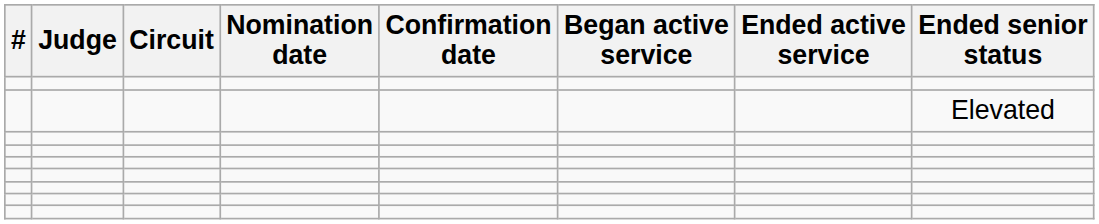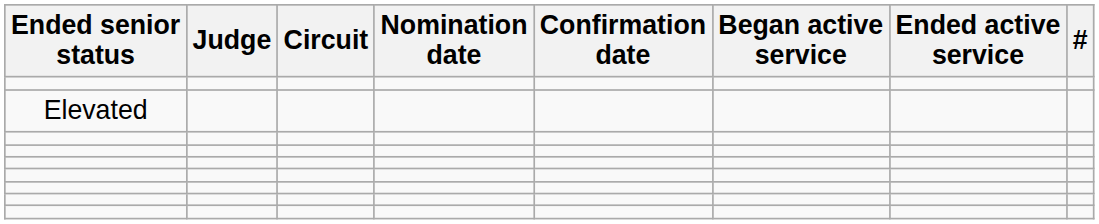 <table class="sortable wikitable">
 <tr bgcolor="#ececec">
-<th>#</th>
+<th>Ended senior<br>status</th>
 <th>Judge</th>
 <th>Circuit</th>
 <th>Nomination<br>date</th>
 <th>Confirmation<br>date</th>
 <th>Began active<br>service</th>
 <th>Ended active<br>service</th>
-<th>Ended senior<br>status</th>
+<th>#</th>
 </tr>
 <tr>
+<td align="center"></td>
 <td></td>
 <td></td>
 <td></td>
 <td></td>
 <td></td>
 <td></td>
 <td></td>
-<td align="center"></td>
 </tr>
 <tr>
+<td align="center">Elevated</td>
 <td></td>
 <td></td>
 <td></td>
 <td></td>
 <td></td>
 <td></td>
 <td></td>
-<td align="center">Elevated</td>
 </tr>
 <tr>
+<td align="center"></td>
 <td></td>
 <td></td>
 <td></td>
 <td></td>
 <td></td>
 <td></td>
 <td></td>
-<td align="center"></td>
 </tr>
 <tr>
+<td align="center"></td>
 <td></td>
 <td></td>
 <td></td>
 <td></td>
 <td></td>
 <td></td>
 <td></td>
-<td align="center"></td>
 </tr>
 <tr>
+<td align="center"></td>
 <td></td>
 <td></td>
 <td></td>
 <td></td>
 <td></td>
 <td></td>
 <td></td>
-<td align="center"></td>
 </tr>
 <tr>
+<td align="center"></td>
 <td></td>
 <td></td>
 <td></td>
 <td></td>
 <td></td>
 <td></td>
 <td></td>
-<td align="center"></td>
 </tr>
 <tr>
-<td></td>
-<td></td>
-<td></td>
-<td></td>
-<td></td>
-<td></td>
-<td></td>
 <td align="center"></td>
-</tr>
-<tr>
-<td></td>
 <td></td>
 <td></td>
 <td></td>
 <td></td>
 <td></td>
 <td></td>
 <td></td>
 </tr>
 <tr>
 <td></td>
 <td></td>
 <td></td>
 <td></td>
 <td></td>
 <td></td>
 <td></td>
+<td></td>
+</tr>
+<tr>
 <td align="center"></td>
+<td></td>
+<td></td>
+<td></td>
+<td></td>
+<td></td>
+<td></td>
+<td></td>
 </tr>
 </table>
